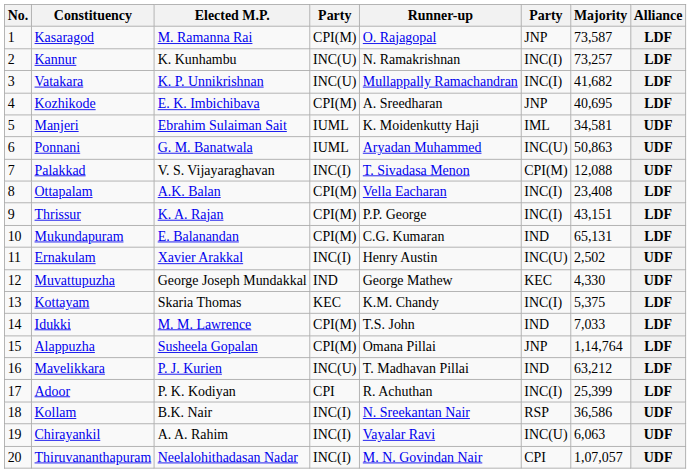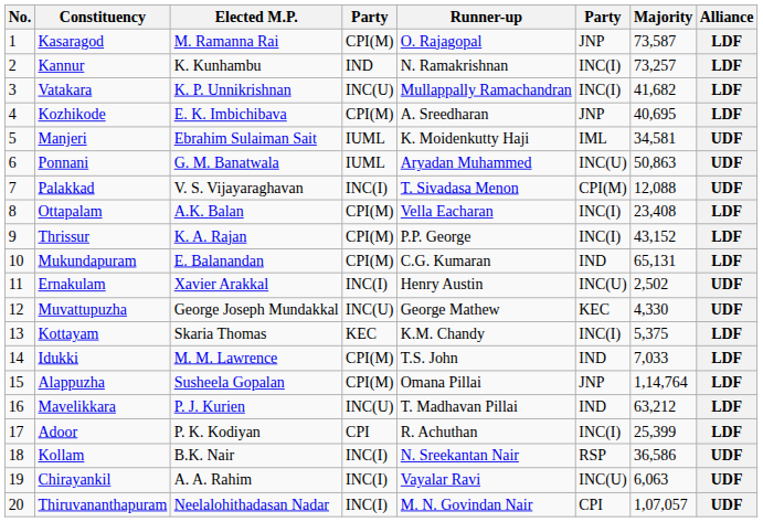 <table class="wikitable sortable">
 <tr>
 <th>No.</th>
 <th>Constituency</th>
 <th>Elected M.P.</th>
 <th>Party</th>
 <th>Runner-up</th>
 <th>Party</th>
 <th>Majority</th>
 <th>Alliance</th>
 </tr>
 <tr>
 <td>1</td>
 <td><a href='#'>Kasaragod</a></td>
 <td><a href='#'>M. Ramanna Rai</a></td>
 <td>CPI(M)</td>
 <td><a href='#'>O. Rajagopal</a></td>
 <td>JNP</td>
 <td>73,587</td>
 <th style="background:">LDF</th>
 </tr>
 <tr>
 <td>2</td>
 <td><a href='#'>Kannur</a></td>
 <td>K. Kunhambu</td>
-<td>INC(U)</td>
+<td>IND</td>
 <td>N. Ramakrishnan</td>
 <td>INC(I)</td>
 <td>73,257</td>
 <th style="background:">LDF</th>
 </tr>
 <tr>
 <td>3</td>
 <td><a href='#'>Vatakara</a></td>
 <td><a href='#'>K. P. Unnikrishnan</a></td>
 <td>INC(U)</td>
 <td><a href='#'>Mullappally Ramachandran</a></td>
 <td>INC(I)</td>
 <td>41,682</td>
 <th style="background:">LDF</th>
 </tr>
 <tr>
 <td>4</td>
 <td><a href='#'>Kozhikode</a></td>
 <td><a href='#'>E. K. Imbichibava</a></td>
 <td>CPI(M)</td>
 <td>A. Sreedharan</td>
 <td>JNP</td>
 <td>40,695</td>
 <th style="background:">LDF</th>
 </tr>
 <tr>
 <td>5</td>
 <td><a href='#'>Manjeri</a></td>
 <td><a href='#'>Ebrahim Sulaiman Sait</a></td>
 <td>IUML</td>
 <td>K. Moidenkutty Haji</td>
 <td>IML</td>
 <td>34,581</td>
 <th style="background:">UDF</th>
 </tr>
 <tr>
 <td>6</td>
 <td><a href='#'>Ponnani</a></td>
 <td><a href='#'>G. M. Banatwala</a></td>
 <td>IUML</td>
 <td><a href='#'>Aryadan Muhammed</a></td>
 <td>INC(U)</td>
 <td>50,863</td>
 <th style="background:">UDF</th>
 </tr>
 <tr>
 <td>7</td>
 <td><a href='#'>Palakkad</a></td>
 <td>V. S. Vijayaraghavan</td>
 <td>INC(I)</td>
 <td><a href='#'>T. Sivadasa Menon</a></td>
 <td>CPI(M)</td>
 <td>12,088</td>
 <th style="background:">UDF</th>
 </tr>
 <tr>
 <td>8</td>
 <td><a href='#'>Ottapalam</a></td>
 <td><a href='#'>A.K. Balan</a></td>
 <td>CPI(M)</td>
 <td><a href='#'>Vella Eacharan</a></td>
 <td>INC(I)</td>
 <td>23,408</td>
 <th style="background:">LDF</th>
 </tr>
 <tr>
 <td>9</td>
 <td><a href='#'>Thrissur</a></td>
 <td><a href='#'>K. A. Rajan</a></td>
 <td>CPI(M)</td>
 <td>P.P. George</td>
 <td>INC(I)</td>
-<td>43,151</td>
+<td>43,152</td>
 <th style="background:">LDF</th>
 </tr>
 <tr>
 <td>10</td>
 <td><a href='#'>Mukundapuram</a></td>
 <td><a href='#'>E. Balanandan</a></td>
 <td>CPI(M)</td>
 <td>C.G. Kumaran</td>
 <td>IND</td>
 <td>65,131</td>
 <th style="background:">LDF</th>
 </tr>
 <tr>
 <td>11</td>
 <td><a href='#'>Ernakulam</a></td>
 <td><a href='#'>Xavier Arakkal</a></td>
 <td>INC(I)</td>
 <td>Henry Austin</td>
 <td>INC(U)</td>
 <td>2,502</td>
 <th style="background:">UDF</th>
 </tr>
 <tr>
 <td>12</td>
 <td><a href='#'>Muvattupuzha</a></td>
 <td>George Joseph Mundakkal</td>
-<td>IND</td>
+<td>INC(U)</td>
 <td>George Mathew</td>
 <td>KEC</td>
 <td>4,330</td>
 <th style="background:">UDF</th>
 </tr>
 <tr>
 <td>13</td>
 <td><a href='#'>Kottayam</a></td>
 <td>Skaria Thomas</td>
 <td>KEC</td>
 <td>K.M. Chandy</td>
 <td>INC(I)</td>
 <td>5,375</td>
 <th style="background:">LDF</th>
 </tr>
 <tr>
 <td>14</td>
 <td><a href='#'>Idukki</a></td>
 <td><a href='#'>M. M. Lawrence</a></td>
 <td>CPI(M)</td>
 <td>T.S. John</td>
 <td>IND</td>
 <td>7,033</td>
 <th style="background:">LDF</th>
 </tr>
 <tr>
 <td>15</td>
 <td><a href='#'>Alappuzha</a></td>
 <td><a href='#'>Susheela Gopalan</a></td>
 <td>CPI(M)</td>
 <td>Omana Pillai</td>
 <td>JNP</td>
 <td>1,14,764</td>
 <th style="background:">LDF</th>
 </tr>
 <tr>
 <td>16</td>
 <td><a href='#'>Mavelikkara</a></td>
 <td><a href='#'>P. J. Kurien</a></td>
 <td>INC(U)</td>
 <td>T. Madhavan Pillai</td>
 <td>IND</td>
 <td>63,212</td>
 <th style="background:">LDF</th>
 </tr>
 <tr>
 <td>17</td>
 <td><a href='#'>Adoor</a></td>
 <td>P. K. Kodiyan</td>
 <td>CPI</td>
 <td>R. Achuthan</td>
 <td>INC(I)</td>
 <td>25,399</td>
 <th style="background:">LDF</th>
 </tr>
 <tr>
 <td>18</td>
 <td><a href='#'>Kollam</a></td>
 <td>B.K. Nair</td>
 <td>INC(I)</td>
 <td><a href='#'>N. Sreekantan Nair</a></td>
 <td>RSP</td>
 <td>36,586</td>
 <th style="background:">UDF</th>
 </tr>
 <tr>
 <td>19</td>
 <td><a href='#'>Chirayankil</a></td>
 <td>A. A. Rahim</td>
 <td>INC(I)</td>
 <td><a href='#'>Vayalar Ravi</a></td>
 <td>INC(U)</td>
 <td>6,063</td>
 <th style="background:">UDF</th>
 </tr>
 <tr>
 <td>20</td>
 <td><a href='#'>Thiruvananthapuram</a></td>
 <td><a href='#'>Neelalohithadasan Nadar</a></td>
 <td>INC(I)</td>
 <td><a href='#'>M. N. Govindan Nair</a></td>
 <td>CPI</td>
 <td>1,07,057</td>
 <th style="background:">UDF</th>
 </tr>
 </table>
